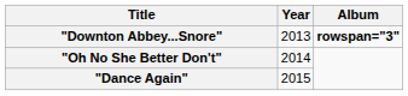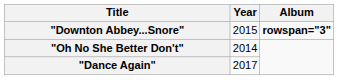 <table class="wikitable plainrowheaders" style="text-align:center;">
 <tr>
 <th style="width:20em;">Title</th>
 <th>Year</th>
 <th>Album</th>
 </tr>
 <tr>
 <th scope="row">"Downton Abbey...Snore"<br></th>
-<td>2013</td>
+<td>2015</td>
 <td><strong>rowspan="3" </strong></td>
 </tr>
 <tr>
 <th scope="row">"Oh No She Better Don't"<br></th>
 <td>2014</td>
 </tr>
 <tr>
 <th scope="row">"Dance Again"<br></th>
-<td>2015</td>
+<td>2017</td>
 </tr>
 </table>
